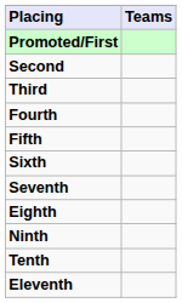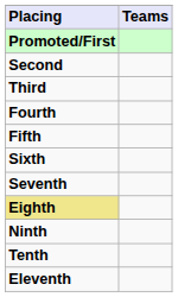 <table class=wikitable>
 <tr>
 </tr>
 <tr style="background: #E6E6FA;">
 <td><strong>Placing</strong></td>
 <td colspan="4" style="text-align:center"><strong>Teams</strong></td>
 </tr>
 <tr style="background: #ccffcc;">
 <td><strong>Promoted/First</strong></td>
 <td><strong></strong></td>
 </tr>
 <tr>
 <td><strong>Second</strong></td>
 <td></td>
 </tr>
 <tr>
 <td><strong>Third</strong></td>
 <td></td>
 </tr>
 <tr>
 <td><strong>Fourth</strong></td>
 <td></td>
 </tr>
 <tr>
 <td><strong>Fifth</strong></td>
 <td></td>
 </tr>
 <tr>
 <td><strong>Sixth</strong></td>
 <td></td>
 </tr>
 <tr>
 <td><strong>Seventh</strong></td>
 <td></td>
 </tr>
 <tr>
-<td><strong>Eighth</strong></td>
+<td style="background: khaki;"><strong>Eighth</strong></td>
 <td></td>
 </tr>
 <tr>
 <td><strong>Ninth</strong></td>
 <td></td>
 </tr>
 <tr>
 <td><strong>Tenth</strong></td>
 <td></td>
 </tr>
 <tr>
 <td><strong>Eleventh</strong></td>
 <td></td>
 </tr>
 </table>
